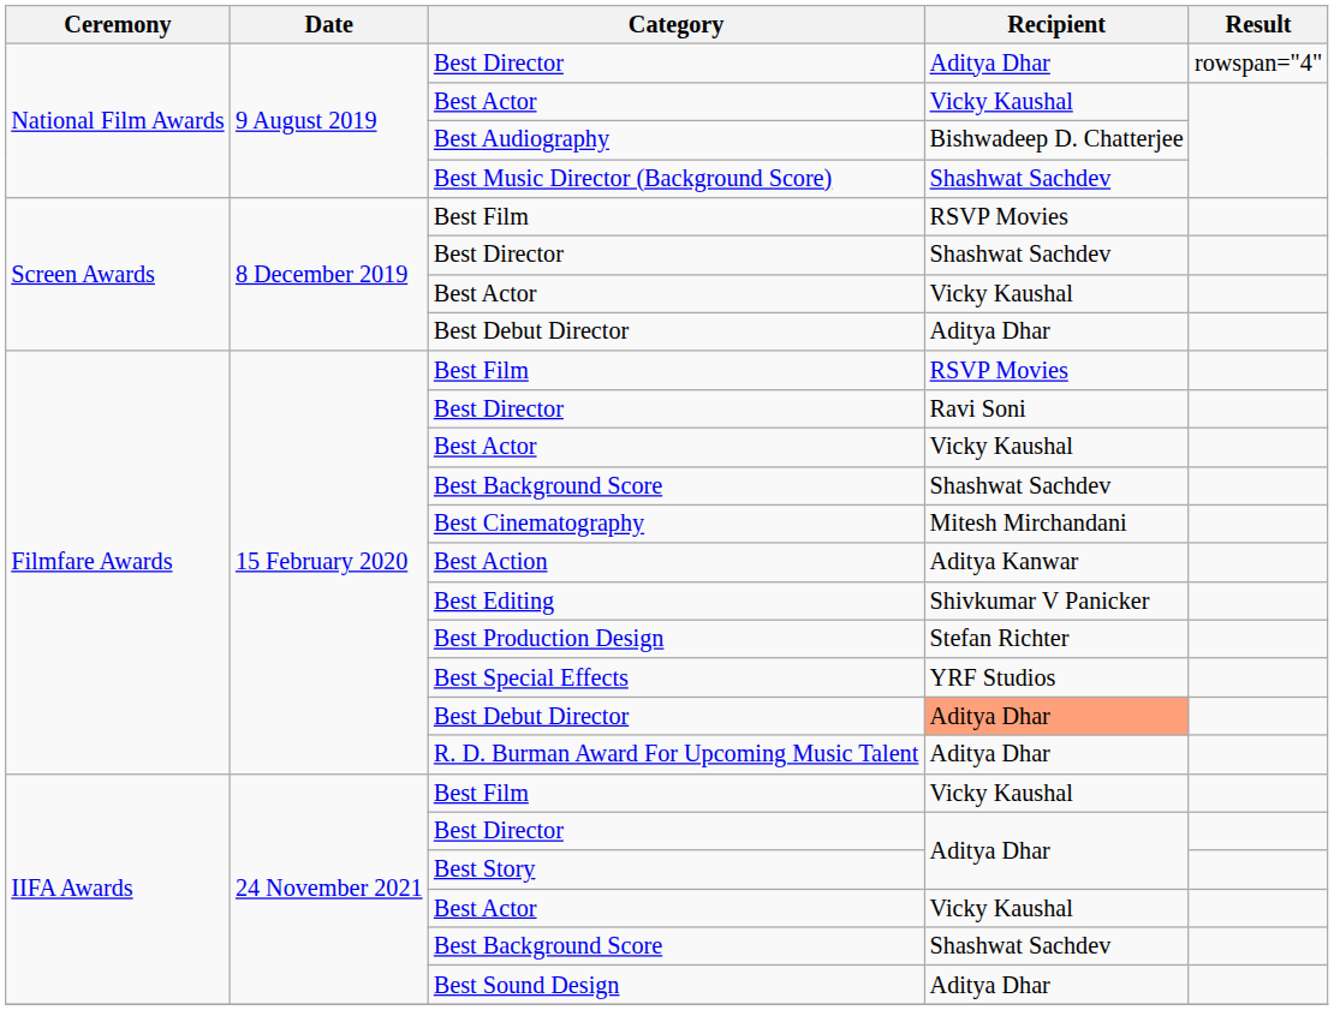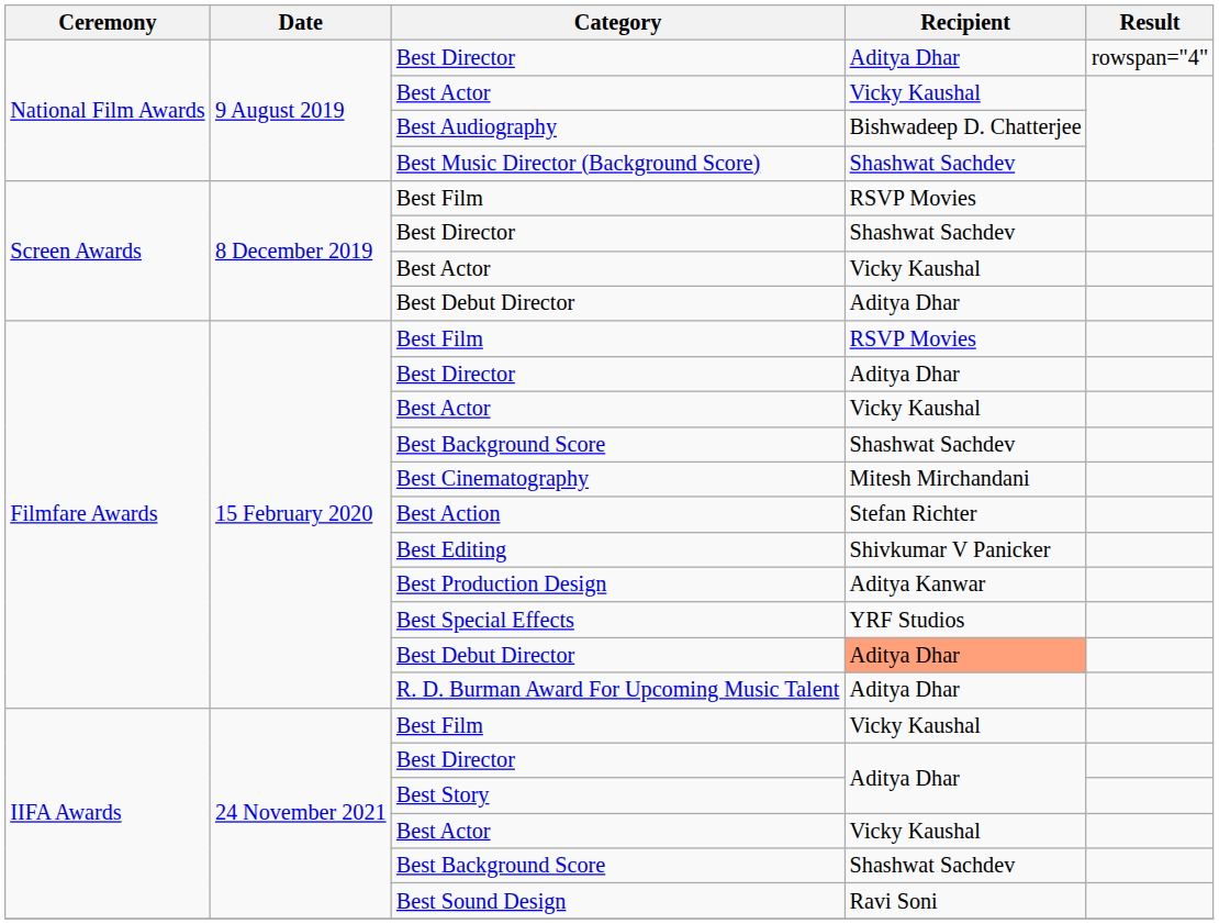 <table class="wikitable">
 <tr>
 <th>Ceremony</th>
 <th>Date</th>
 <th>Category</th>
 <th>Recipient</th>
 <th>Result</th>
 </tr>
 <tr>
 <td rowspan="4"><a href='#'>National Film Awards</a></td>
 <td rowspan="4"><a href='#'>9 August 2019</a></td>
 <td><a href='#'>Best Director</a></td>
 <td><a href='#'>Aditya Dhar</a></td>
 <td>rowspan="4" </td>
 </tr>
 <tr>
 <td><a href='#'>Best Actor</a></td>
 <td><a href='#'>Vicky Kaushal</a></td>
 </tr>
 <tr>
 <td><a href='#'>Best Audiography</a></td>
 <td>Bishwadeep D. Chatterjee</td>
 </tr>
 <tr>
 <td><a href='#'>Best Music Director (Background Score)</a></td>
 <td><a href='#'>Shashwat Sachdev</a></td>
 </tr>
 <tr>
 <td rowspan="4"><a href='#'>Screen Awards</a></td>
 <td rowspan="4"><a href='#'>8 December 2019</a></td>
 <td>Best Film</td>
 <td>RSVP Movies</td>
 <td></td>
 </tr>
 <tr>
 <td>Best Director</td>
 <td>Shashwat Sachdev</td>
 <td></td>
 </tr>
 <tr>
 <td>Best Actor</td>
 <td>Vicky Kaushal</td>
 <td></td>
 </tr>
 <tr>
 <td>Best Debut Director</td>
 <td>Aditya Dhar</td>
 <td></td>
 </tr>
 <tr>
 <td rowspan="11"><a href='#'>Filmfare Awards</a></td>
 <td rowspan="11"><a href='#'>15 February 2020</a></td>
 <td><a href='#'>Best Film</a></td>
 <td><a href='#'>RSVP Movies</a></td>
 <td></td>
 </tr>
 <tr>
 <td><a href='#'>Best Director</a></td>
-<td>Ravi Soni</td>
+<td>Aditya Dhar</td>
 <td></td>
 </tr>
 <tr>
 <td><a href='#'>Best Actor</a></td>
 <td>Vicky Kaushal</td>
 <td></td>
 </tr>
 <tr>
 <td><a href='#'>Best Background Score</a></td>
 <td>Shashwat Sachdev</td>
 <td></td>
 </tr>
 <tr>
 <td><a href='#'>Best Cinematography</a></td>
 <td>Mitesh Mirchandani</td>
 <td></td>
 </tr>
 <tr>
 <td><a href='#'>Best Action</a></td>
-<td>Aditya Kanwar</td>
+<td>Stefan Richter</td>
 <td></td>
 </tr>
 <tr>
 <td><a href='#'>Best Editing</a></td>
 <td>Shivkumar V Panicker</td>
 <td></td>
 </tr>
 <tr>
 <td><a href='#'>Best Production Design</a></td>
-<td>Stefan Richter</td>
+<td>Aditya Kanwar</td>
 <td></td>
 </tr>
 <tr>
 <td><a href='#'>Best Special Effects</a></td>
 <td>YRF Studios</td>
 <td></td>
 </tr>
 <tr>
 <td><a href='#'>Best Debut Director</a></td>
 <td style="background: lightsalmon;">Aditya Dhar</td>
 <td></td>
 </tr>
 <tr>
 <td><a href='#'>R. D. Burman Award For Upcoming Music Talent</a></td>
 <td>Aditya Dhar</td>
 <td></td>
 </tr>
 <tr>
 <td rowspan="6"><a href='#'>IIFA Awards</a></td>
 <td rowspan="6"><a href='#'>24 November 2021</a></td>
 <td><a href='#'>Best Film</a></td>
 <td>Vicky Kaushal</td>
 <td></td>
 </tr>
 <tr>
 <td><a href='#'>Best Director</a></td>
 <td rowspan="2">Aditya Dhar</td>
 <td></td>
 </tr>
 <tr>
 <td><a href='#'>Best Story</a></td>
 <td></td>
 </tr>
 <tr>
 <td><a href='#'>Best Actor</a></td>
 <td>Vicky Kaushal</td>
 <td></td>
 </tr>
 <tr>
 <td><a href='#'>Best Background Score</a></td>
 <td>Shashwat Sachdev</td>
 <td></td>
 </tr>
 <tr>
 <td><a href='#'>Best Sound Design</a></td>
-<td>Aditya Dhar</td>
+<td>Ravi Soni</td>
 <td></td>
 </tr>
 <tr>
 </tr>
 </table>
